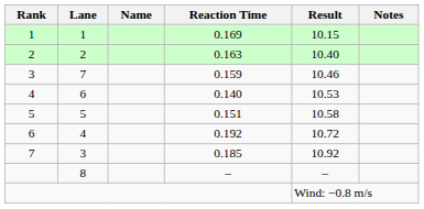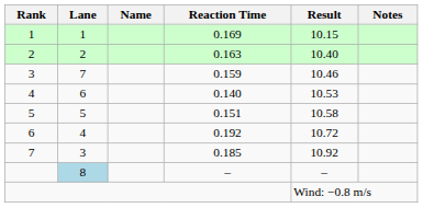 <table class="wikitable" style="text-align:center;width: 60%">
 <tr>
 <th>Rank</th>
 <th>Lane</th>
 <th>Name</th>
 <th>Reaction Time</th>
 <th>Result</th>
 <th>Notes</th>
 </tr>
 <tr bgcolor=ccffcc>
 <td>1</td>
 <td>1</td>
 <td align="left"></td>
 <td>0.169</td>
 <td>10.15</td>
 <td></td>
 </tr>
 <tr bgcolor=ccffcc>
 <td>2</td>
 <td>2</td>
 <td align="left"></td>
 <td>0.163</td>
 <td>10.40</td>
 <td></td>
 </tr>
 <tr>
 <td>3</td>
 <td>7</td>
 <td align="left"></td>
 <td>0.159</td>
 <td>10.46</td>
 <td></td>
 </tr>
 <tr>
 <td>4</td>
 <td>6</td>
 <td align="left"></td>
 <td>0.140</td>
 <td>10.53</td>
 <td></td>
 </tr>
 <tr>
 <td>5</td>
 <td>5</td>
 <td align="left"></td>
 <td>0.151</td>
 <td>10.58</td>
 <td></td>
 </tr>
 <tr>
 <td>6</td>
 <td>4</td>
 <td align="left"></td>
 <td>0.192</td>
 <td>10.72</td>
 <td></td>
 </tr>
 <tr>
 <td>7</td>
 <td>3</td>
 <td align="left"></td>
 <td>0.185</td>
 <td>10.92</td>
 <td></td>
 </tr>
 <tr>
 <td></td>
-<td>8</td>
+<td style="background: lightblue;">8</td>
 <td align="left"></td>
 <td>–</td>
 <td>–</td>
 <td></td>
 </tr>
 <tr class="sortbottom">
 <td colspan=4></td>
 <td colspan="2" style="text-align:left;">Wind: −0.8 m/s</td>
 </tr>
 </table>
